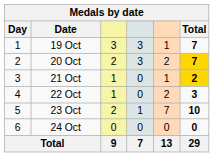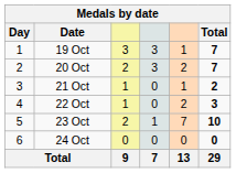 <table class="wikitable" style="font-size:90%; text-align:center;">
 <tr style="background:#efefef;">
 <th colspan=6><strong>Medals by date</strong></th>
 </tr>
 <tr>
 <th width=30><strong>Day</strong></th>
 <th width=90><strong>Date</strong></th>
 <th width=30 style="background:#F7F6A8;"></th>
 <th width=30 style="background:#DCE5E5;"></th>
 <th width=30 style="background:#FFDAB9;"></th>
 <th width=30><strong>Total</strong></th>
 </tr>
 <tr>
 <td>1</td>
 <td>19 Oct</td>
 <td style="background:#F7F6A8;">3</td>
 <td style="background:#DCE5E5;">3</td>
 <td style="background:#FFDAB9;">1</td>
 <td><strong>7</strong></td>
 </tr>
 <tr>
 <td>2</td>
 <td>20 Oct</td>
 <td style="background:#F7F6A8;">2</td>
 <td style="background:#DCE5E5;">3</td>
 <td style="background:#FFDAB9;">2</td>
-<td style="background: gold;"><strong>7</strong></td>
+<td><strong>7</strong></td>
 </tr>
 <tr>
 <td>3</td>
 <td>21 Oct</td>
 <td style="background:#F7F6A8;">1</td>
 <td style="background:#DCE5E5;">0</td>
 <td style="background:#FFDAB9;">1</td>
-<td style="background: gold;"><strong>2</strong></td>
+<td><strong>2</strong></td>
 </tr>
 <tr>
 <td>4</td>
 <td>22 Oct</td>
 <td style="background:#F7F6A8;">1</td>
 <td style="background:#DCE5E5;">0</td>
 <td style="background:#FFDAB9;">2</td>
 <td><strong>3</strong></td>
 </tr>
 <tr>
 <td>5</td>
 <td>23 Oct</td>
 <td style="background:#F7F6A8;">2</td>
 <td style="background:#DCE5E5;">1</td>
 <td style="background:#FFDAB9;">7</td>
 <td><strong>10</strong></td>
 </tr>
 <tr>
 <td>6</td>
 <td>24 Oct</td>
 <td style="background:#F7F6A8;">0</td>
 <td style="background:#DCE5E5;">0</td>
 <td style="background:#FFDAB9;">0</td>
 <td><strong>0</strong></td>
 </tr>
 <tr>
 <th colspan="2"><strong>Total</strong></th>
 <th><strong>9</strong></th>
 <th><strong>7</strong></th>
 <th><strong>13</strong></th>
 <th><strong>29</strong></th>
 </tr>
 </table>
